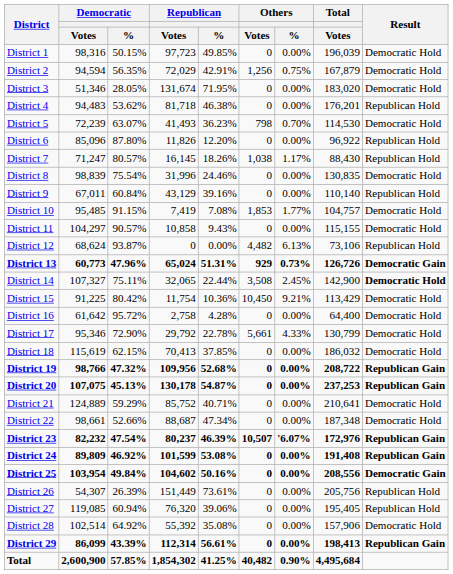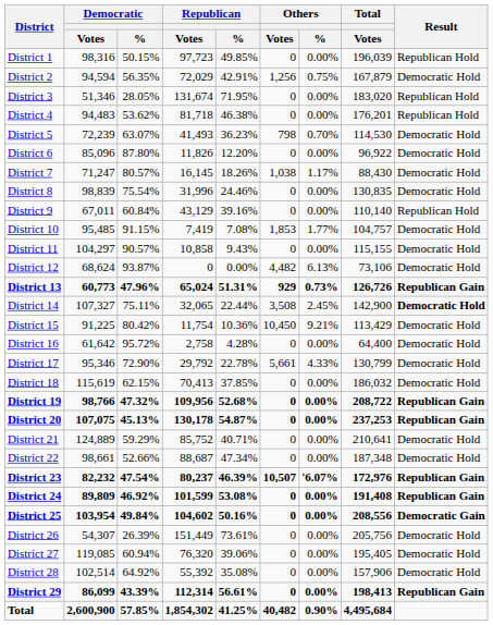 <table class="wikitable plainrowheaders sortable" style="font-size:100%; text-align:right;">
 <tr>
 <th scope=col rowspan=3><a href='#'>District</a></th>
 <th scope=col colspan=2><a href='#'>Democratic</a></th>
 <th scope=col colspan=2><a href='#'>Republican</a></th>
 <th scope=col colspan=2>Others</th>
 <th scope=col>Total</th>
 <th scope=col rowspan=3>Result</th>
 </tr>
 <tr>
 <th scope=col colspan=2 style="background:"></th>
 <th scope=col colspan=2 style="background:"></th>
 <th scope=col colspan=2></th>
 <th scope=col colspan=2></th>
 </tr>
 <tr>
 <th scope=col data-sort-type="number">Votes</th>
 <th scope=col data-sort-type="number">%</th>
 <th scope=col data-sort-type="number">Votes</th>
 <th scope=col data-sort-type="number">%</th>
 <th scope=col data-sort-type="number">Votes</th>
 <th scope=col data-sort-type="number">%</th>
 <th scope=col data-sort-type="number">Votes</th>
 </tr>
 <tr>
 <td align=left><a href='#'>District 1</a></td>
 <td>98,316</td>
 <td>50.15%</td>
 <td>97,723</td>
 <td>49.85%</td>
 <td>0</td>
 <td>0.00%</td>
 <td>196,039</td>
-<td align=left>Democratic Hold</td>
+<td align=left>Republican Hold</td>
 </tr>
 <tr>
 <td align=left><a href='#'>District 2</a></td>
 <td>94,594</td>
 <td>56.35%</td>
 <td>72,029</td>
 <td>42.91%</td>
 <td>1,256</td>
 <td>0.75%</td>
 <td>167,879</td>
 <td align=left>Democratic Hold</td>
 </tr>
 <tr>
 <td align=left><a href='#'>District 3</a></td>
 <td>51,346</td>
 <td>28.05%</td>
 <td>131,674</td>
 <td>71.95%</td>
 <td>0</td>
 <td>0.00%</td>
 <td>183,020</td>
-<td align=left>Democratic Hold</td>
+<td align=left>Republican Hold</td>
 </tr>
 <tr>
 <td align=left><a href='#'>District 4</a></td>
 <td>94,483</td>
 <td>53.62%</td>
 <td>81,718</td>
 <td>46.38%</td>
 <td>0</td>
 <td>0.00%</td>
 <td>176,201</td>
 <td align=left>Republican Hold</td>
 </tr>
 <tr>
 <td align=left><a href='#'>District 5</a></td>
 <td>72,239</td>
 <td>63.07%</td>
 <td>41,493</td>
 <td>36.23%</td>
 <td>798</td>
 <td>0.70%</td>
 <td>114,530</td>
 <td align=left>Democratic Hold</td>
 </tr>
 <tr>
 <td align=left><a href='#'>District 6</a></td>
 <td>85,096</td>
 <td>87.80%</td>
 <td>11,826</td>
 <td>12.20%</td>
 <td>0</td>
 <td>0.00%</td>
 <td>96,922</td>
-<td align=left>Republican Hold</td>
+<td align=left>Democratic Hold</td>
 </tr>
 <tr>
 <td align=left><a href='#'>District 7</a></td>
 <td>71,247</td>
 <td>80.57%</td>
 <td>16,145</td>
 <td>18.26%</td>
 <td>1,038</td>
 <td>1.17%</td>
 <td>88,430</td>
-<td align=left>Republican Hold</td>
+<td align=left>Democratic Hold</td>
 </tr>
 <tr>
 <td align=left><a href='#'>District 8</a></td>
 <td>98,839</td>
 <td>75.54%</td>
 <td>31,996</td>
 <td>24.46%</td>
 <td>0</td>
 <td>0.00%</td>
 <td>130,835</td>
 <td align=left>Democratic Hold</td>
 </tr>
 <tr>
 <td align=left><a href='#'>District 9</a></td>
 <td>67,011</td>
 <td>60.84%</td>
 <td>43,129</td>
 <td>39.16%</td>
 <td>0</td>
 <td>0.00%</td>
 <td>110,140</td>
 <td align=left>Republican Hold</td>
 </tr>
 <tr>
 <td align=left><a href='#'>District 10</a></td>
 <td>95,485</td>
 <td>91.15%</td>
 <td>7,419</td>
 <td>7.08%</td>
 <td>1,853</td>
 <td>1.77%</td>
 <td>104,757</td>
 <td align=left>Democratic Hold</td>
 </tr>
 <tr>
 <td align=left><a href='#'>District 11</a></td>
 <td>104,297</td>
 <td>90.57%</td>
 <td>10,858</td>
 <td>9.43%</td>
 <td>0</td>
 <td>0.00%</td>
 <td>115,155</td>
 <td align=left>Democratic Hold</td>
 </tr>
 <tr>
 <td align=left><a href='#'>District 12</a></td>
 <td>68,624</td>
 <td>93.87%</td>
 <td>0</td>
 <td>0.00%</td>
 <td>4,482</td>
 <td>6.13%</td>
 <td>73,106</td>
-<td align=left>Republican Hold</td>
+<td align=left>Democratic Hold</td>
 </tr>
 <tr>
 <td align=left><strong><a href='#'>District 13</a></strong></td>
 <td><strong>60,773</strong></td>
 <td><strong>47.96%</strong></td>
 <td><strong>65,024</strong></td>
 <td><strong>51.31%</strong></td>
 <td><strong>929</strong></td>
 <td><strong>0.73%</strong></td>
 <td><strong>126,726</strong></td>
-<td align=left><strong>Democratic Gain</strong></td>
+<td align=left><strong>Republican Gain</strong></td>
 </tr>
 <tr>
 <td align=left><a href='#'>District 14</a></td>
 <td>107,327</td>
 <td>75.11%</td>
 <td>32,065</td>
 <td>22.44%</td>
 <td>3,508</td>
 <td>2.45%</td>
 <td>142,900</td>
 <td align=left><strong>Democratic Hold</strong></td>
 </tr>
 <tr>
 <td align=left><a href='#'>District 15</a></td>
 <td>91,225</td>
 <td>80.42%</td>
 <td>11,754</td>
 <td>10.36%</td>
 <td>10,450</td>
 <td>9.21%</td>
 <td>113,429</td>
 <td align=left>Democratic Hold</td>
 </tr>
 <tr>
 <td align=left><a href='#'>District 16</a></td>
 <td>61,642</td>
 <td>95.72%</td>
 <td>2,758</td>
 <td>4.28%</td>
 <td>0</td>
 <td>0.00%</td>
 <td>64,400</td>
 <td align=left>Democratic Hold</td>
 </tr>
 <tr>
 <td align=left><a href='#'>District 17</a></td>
 <td>95,346</td>
 <td>72.90%</td>
 <td>29,792</td>
 <td>22.78%</td>
 <td>5,661</td>
 <td>4.33%</td>
 <td>130,799</td>
 <td align=left>Democratic Hold</td>
 </tr>
 <tr>
 <td align=left><a href='#'>District 18</a></td>
 <td>115,619</td>
 <td>62.15%</td>
 <td>70,413</td>
 <td>37.85%</td>
 <td>0</td>
 <td>0.00%</td>
 <td>186,032</td>
 <td align=left>Democratic Hold</td>
 </tr>
 <tr>
 <td align=left><strong><a href='#'>District 19</a></strong></td>
 <td><strong>98,766</strong></td>
 <td><strong>47.32%</strong></td>
 <td><strong>109,956</strong></td>
 <td><strong>52.68%</strong></td>
 <td><strong>0</strong></td>
 <td><strong>0.00%</strong></td>
 <td><strong>208,722</strong></td>
 <td align=left><strong>Republican Gain</strong></td>
 </tr>
 <tr>
 <td align=left><strong><a href='#'>District 20</a></strong></td>
 <td><strong>107,075</strong></td>
 <td><strong>45.13%</strong></td>
 <td><strong>130,178</strong></td>
 <td><strong>54.87%</strong></td>
 <td><strong>0</strong></td>
 <td><strong>0.00%</strong></td>
 <td><strong>237,253</strong></td>
 <td align=left><strong>Republican Gain</strong></td>
 </tr>
 <tr>
 <td align=left><a href='#'>District 21</a></td>
 <td>124,889</td>
 <td>59.29%</td>
 <td>85,752</td>
 <td>40.71%</td>
 <td>0</td>
 <td>0.00%</td>
 <td>210,641</td>
 <td align=left>Democratic Hold</td>
 </tr>
 <tr>
 <td align=left><a href='#'>District 22</a></td>
 <td>98,661</td>
 <td>52.66%</td>
 <td>88,687</td>
 <td>47.34%</td>
 <td>0</td>
 <td>0.00%</td>
 <td>187,348</td>
 <td align=left>Democratic Hold</td>
 </tr>
 <tr>
 <td align=left><strong><a href='#'>District 23</a></strong></td>
 <td><strong>82,232</strong></td>
 <td><strong>47.54%</strong></td>
 <td><strong>80,237</strong></td>
 <td><strong>46.39%</strong></td>
 <td><strong>10,507</strong></td>
 <td><strong>'6.07%</strong></td>
 <td><strong>172,976</strong></td>
 <td align=left><strong>Republican Gain</strong></td>
 </tr>
 <tr>
 <td align=left><strong><a href='#'>District 24</a></strong></td>
 <td><strong>89,809</strong></td>
 <td><strong>46.92%</strong></td>
 <td><strong>101,599</strong></td>
 <td><strong>53.08%</strong></td>
 <td><strong>0</strong></td>
 <td><strong>0.00%</strong></td>
 <td><strong>191,408</strong></td>
 <td align=left><strong>Republican Gain</strong></td>
 </tr>
 <tr>
 <td align=left><strong><a href='#'>District 25</a></strong></td>
 <td><strong>103,954</strong></td>
 <td><strong>49.84%</strong></td>
 <td><strong>104,602</strong></td>
 <td><strong>50.16%</strong></td>
 <td><strong>0</strong></td>
 <td><strong>0.00%</strong></td>
 <td><strong>208,556</strong></td>
 <td align=left><strong>Democratic Gain</strong></td>
 </tr>
 <tr>
 <td align=left><a href='#'>District 26</a></td>
 <td>54,307</td>
 <td>26.39%</td>
 <td>151,449</td>
 <td>73.61%</td>
 <td>0</td>
 <td>0.00%</td>
 <td>205,756</td>
-<td align=left>Republican Hold</td>
+<td align=left>Democratic Hold</td>
 </tr>
 <tr>
 <td align=left><a href='#'>District 27</a></td>
 <td>119,085</td>
 <td>60.94%</td>
 <td>76,320</td>
 <td>39.06%</td>
 <td>0</td>
 <td>0.00%</td>
 <td>195,405</td>
-<td align=left>Republican Hold</td>
+<td align=left>Democratic Hold</td>
 </tr>
 <tr>
 <td align=left><a href='#'>District 28</a></td>
 <td>102,514</td>
 <td>64.92%</td>
 <td>55,392</td>
 <td>35.08%</td>
 <td>0</td>
 <td>0.00%</td>
 <td>157,906</td>
 <td align=left>Democratic Hold</td>
 </tr>
 <tr>
 <td align=left><strong><a href='#'>District 29</a></strong></td>
 <td><strong>86,099</strong></td>
 <td><strong>43.39%</strong></td>
 <td><strong>112,314</strong></td>
 <td><strong>56.61%</strong></td>
 <td><strong>0</strong></td>
 <td><strong>0.00%</strong></td>
 <td><strong>198,413</strong></td>
 <td align=left><strong>Republican Gain</strong></td>
 </tr>
 <tr class="sortbottom" style="font-weight:bold">
 <td align=left>Total</td>
 <td>2,600,900</td>
 <td>57.85%</td>
 <td>1,854,302</td>
 <td>41.25%</td>
 <td>40,482</td>
 <td>0.90%</td>
 <td>4,495,684</td>
 <td></td>
 </tr>
 </table>
